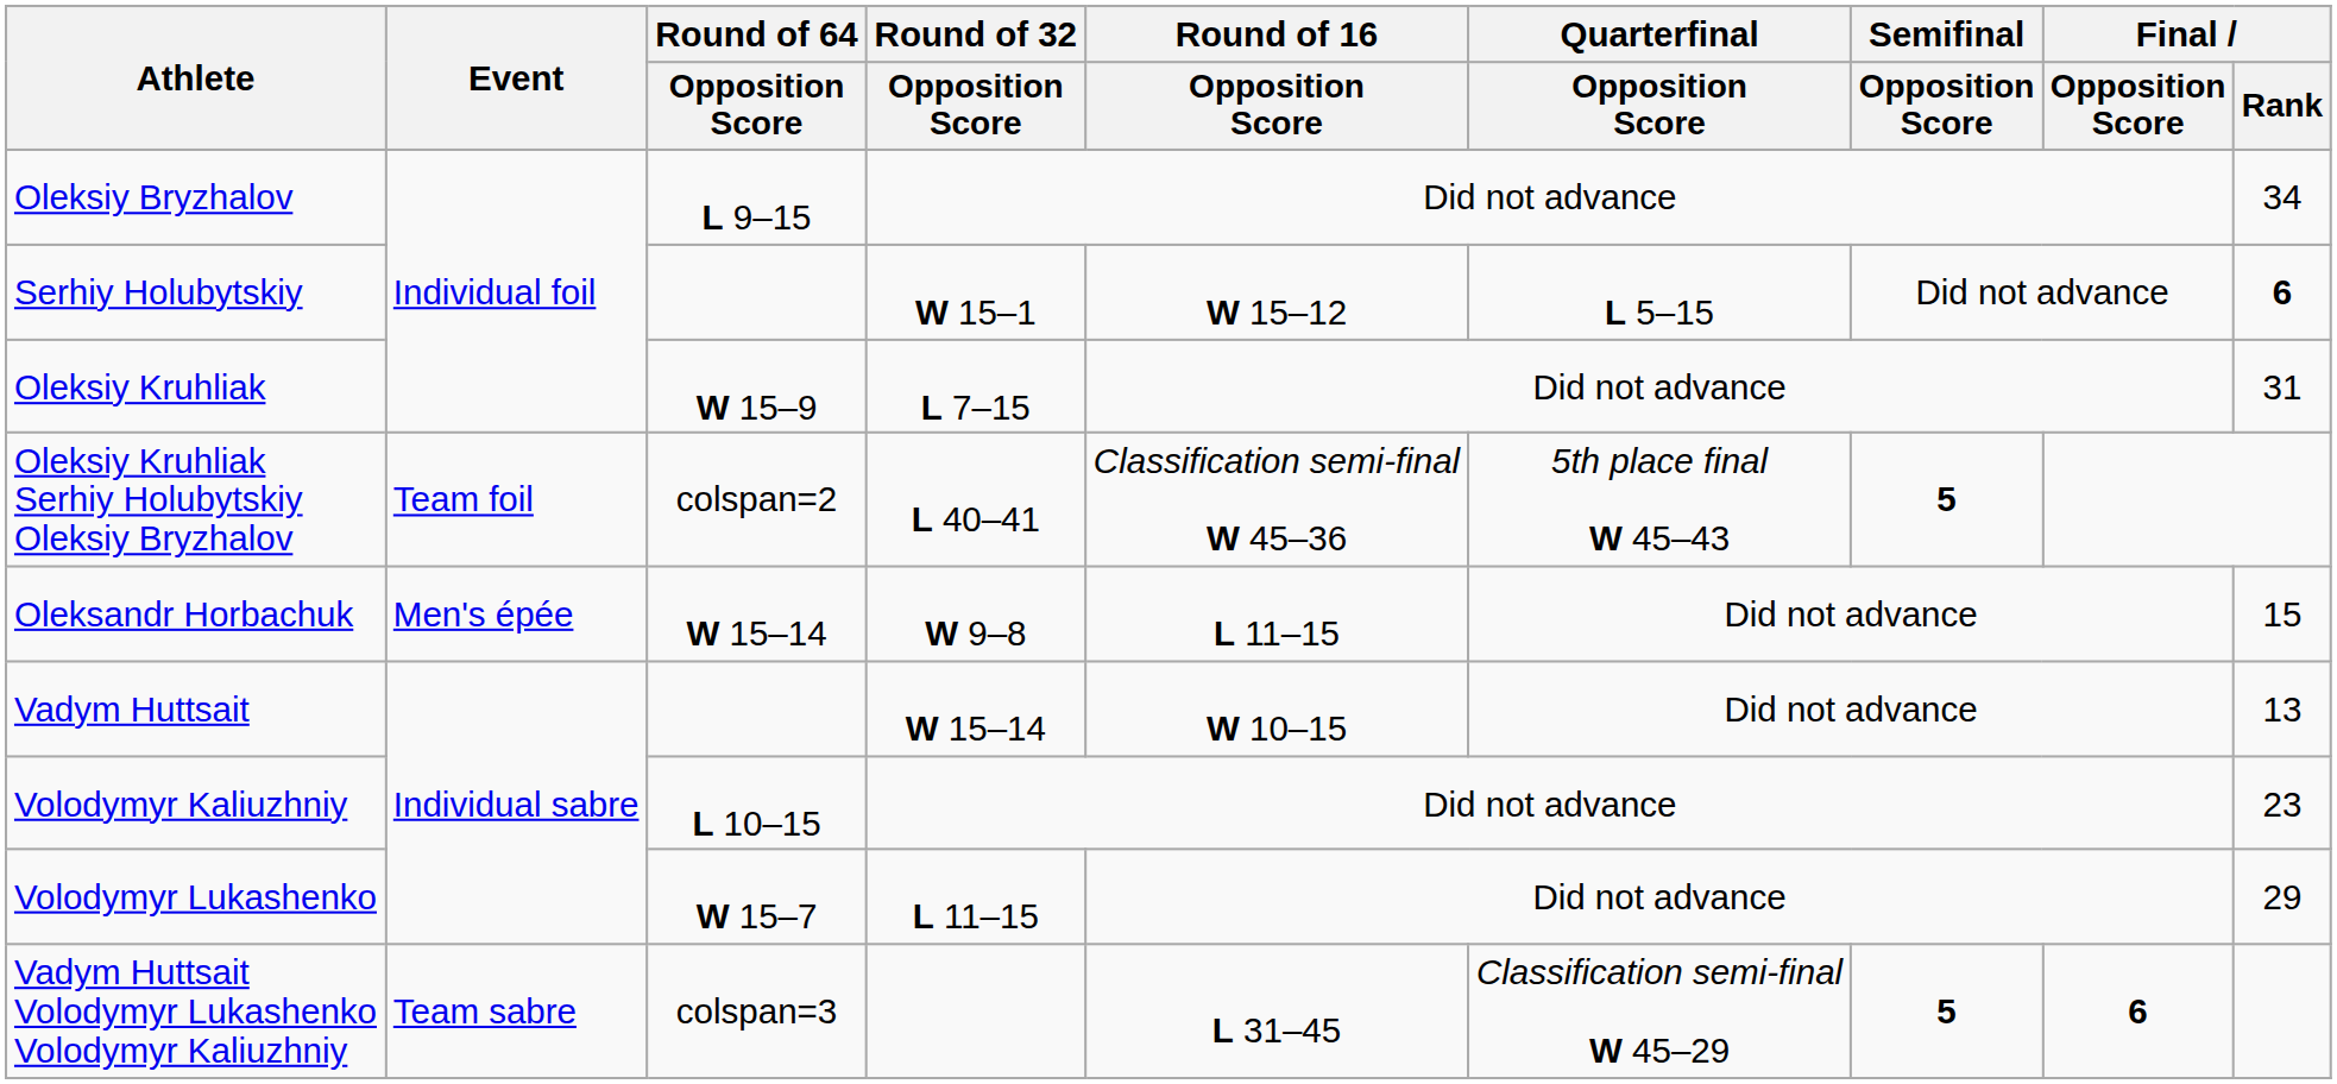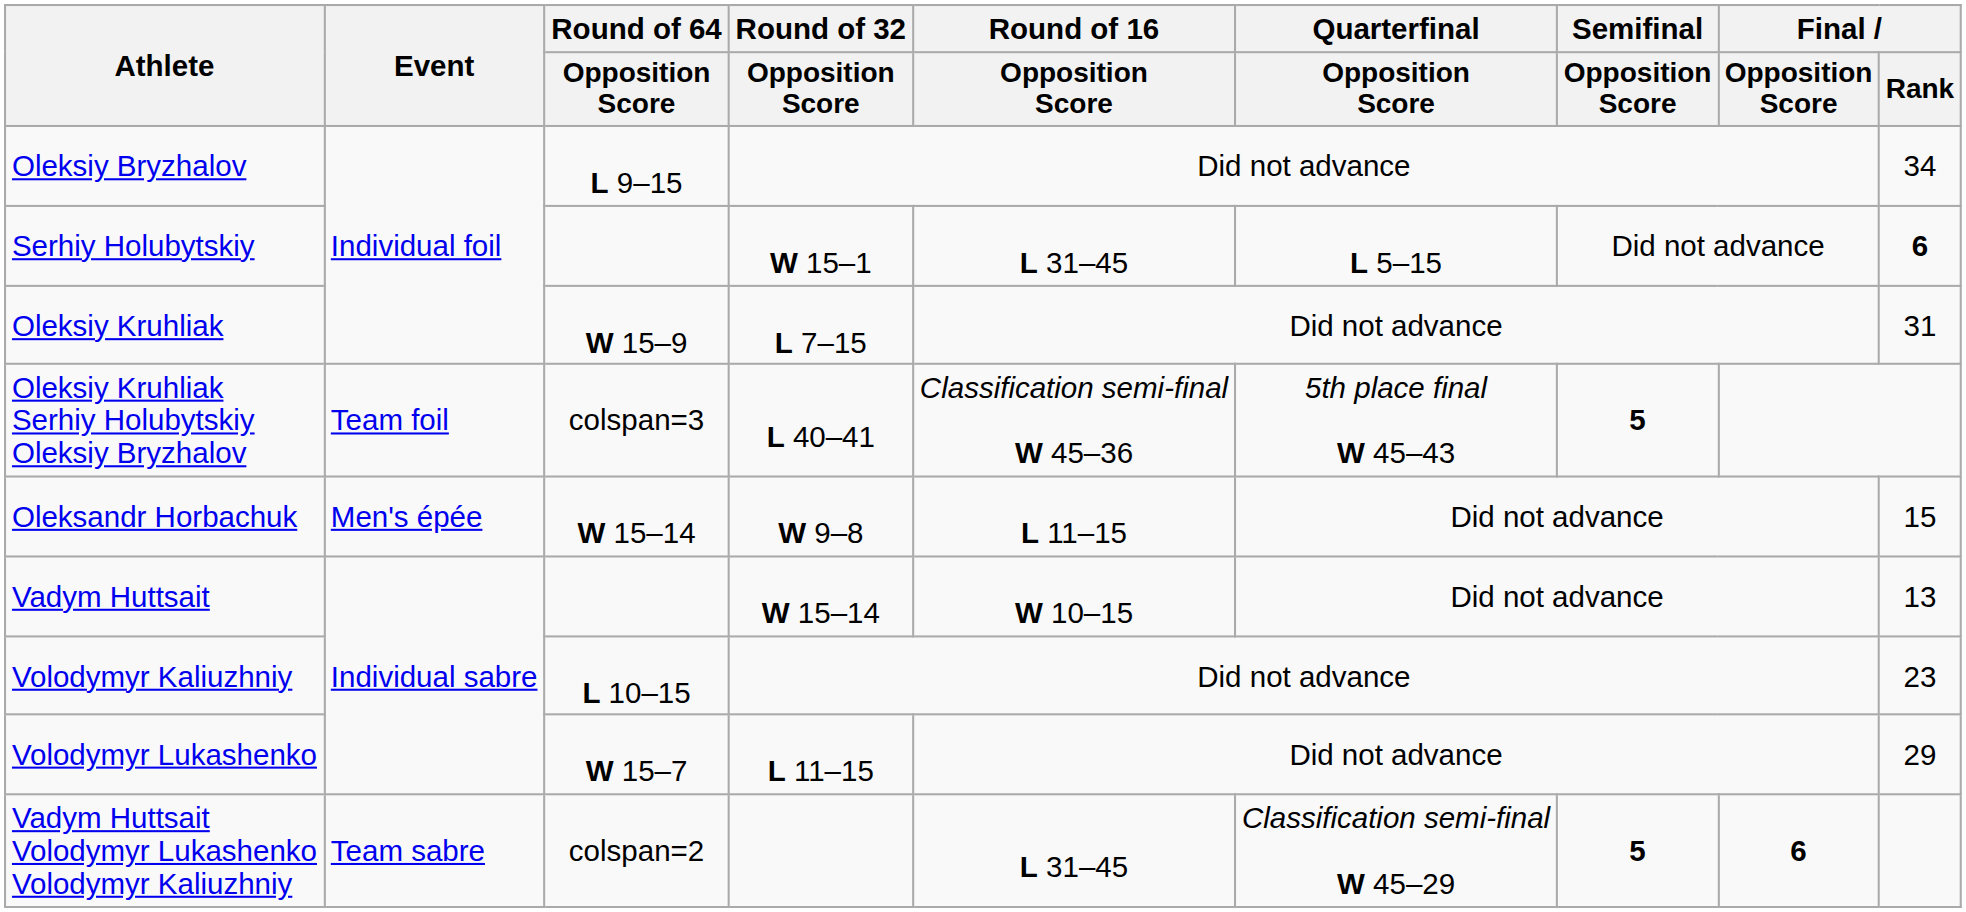 <table class="wikitable" style="font-size:90%">
 <tr>
 <th rowspan="2">Athlete</th>
 <th rowspan="2">Event</th>
 <th>Round of 64</th>
 <th>Round of 32</th>
 <th>Round of 16</th>
 <th>Quarterfinal</th>
 <th>Semifinal</th>
 <th colspan=2>Final / </th>
 </tr>
 <tr style="font-size:95%">
 <th>Opposition <br> Score</th>
 <th>Opposition <br> Score</th>
 <th>Opposition <br> Score</th>
 <th>Opposition <br> Score</th>
 <th>Opposition <br> Score</th>
 <th>Opposition <br> Score</th>
 <th>Rank</th>
 </tr>
 <tr align=center>
 <td align=left><a href='#'>Oleksiy Bryzhalov</a></td>
 <td align=left rowspan=3><a href='#'>Individual foil</a></td>
 <td><br><strong>L</strong> 9–15</td>
 <td colspan=5>Did not advance</td>
 <td>34</td>
 </tr>
 <tr align=center>
 <td align=left><a href='#'>Serhiy Holubytskiy</a></td>
 <td></td>
 <td><br><strong>W</strong> 15–1</td>
-<td><br><strong>W</strong> 15–12</td>
+<td><br><strong>L</strong> 31–45</td>
 <td><br><strong>L</strong> 5–15</td>
 <td colspan=2>Did not advance</td>
 <td><strong>6</strong></td>
 </tr>
 <tr align=center>
 <td align=left><a href='#'>Oleksiy Kruhliak</a></td>
 <td><br><strong>W</strong> 15–9</td>
 <td><br><strong>L</strong> 7–15</td>
 <td colspan=4>Did not advance</td>
 <td>31</td>
 </tr>
 <tr align=center>
 <td align=left><a href='#'>Oleksiy Kruhliak</a><br><a href='#'>Serhiy Holubytskiy</a><br><a href='#'>Oleksiy Bryzhalov</a></td>
 <td align=left><a href='#'>Team foil</a></td>
-<td>colspan=2 </td>
+<td>colspan=3 </td>
 <td><br><strong>L</strong> 40–41</td>
 <td><em>Classification semi-final</em><br><br><strong>W</strong> 45–36</td>
 <td><em>5th place final</em><br><br><strong>W</strong> 45–43</td>
 <td><strong>5</strong></td>
 </tr>
 <tr align=center>
 <td align=left><a href='#'>Oleksandr Horbachuk</a></td>
 <td align=left><a href='#'>Men's épée</a></td>
 <td><br> <strong>W</strong> 15–14</td>
 <td><br> <strong>W</strong> 9–8</td>
 <td><br> <strong>L</strong> 11–15</td>
 <td colspan=3>Did not advance</td>
 <td>15</td>
 </tr>
 <tr align=center>
 <td align=left><a href='#'>Vadym Huttsait</a></td>
 <td align=left rowspan=3><a href='#'>Individual sabre</a></td>
 <td></td>
 <td><br><strong>W</strong> 15–14</td>
 <td><br><strong>W</strong> 10–15</td>
 <td colspan=3>Did not advance</td>
 <td>13</td>
 </tr>
 <tr align=center>
 <td align=left><a href='#'>Volodymyr Kaliuzhniy</a></td>
 <td><br><strong>L</strong> 10–15</td>
 <td colspan=5>Did not advance</td>
 <td>23</td>
 </tr>
 <tr align=center>
 <td align=left><a href='#'>Volodymyr Lukashenko</a></td>
 <td><br><strong>W</strong> 15–7</td>
 <td><br><strong>L</strong> 11–15</td>
 <td colspan=4>Did not advance</td>
 <td>29</td>
 </tr>
 <tr align=center>
 <td align=left><a href='#'>Vadym Huttsait</a><br><a href='#'>Volodymyr Lukashenko</a><br><a href='#'>Volodymyr Kaliuzhniy</a></td>
 <td align=left><a href='#'>Team sabre</a></td>
-<td>colspan=3 </td>
+<td>colspan=2 </td>
 <td></td>
 <td><br><strong>L</strong> 31–45</td>
 <td><em>Classification semi-final</em><br><br><strong>W</strong> 45–29</td>
 <td><strong>5</strong></td>
 <td><strong>6</strong></td>
 </tr>
 </table>
